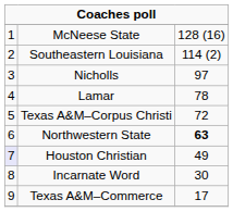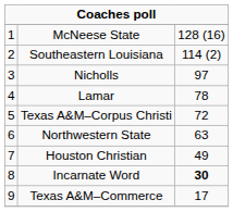 <table class="wikitable">
 <tr align="center">
 <td align="center" Colspan="3"><strong>Coaches poll</strong></td>
 </tr>
 <tr align="center">
 </tr>
 <tr align="center">
 <td>1</td>
 <td>McNeese State</td>
 <td>128 (16)</td>
 </tr>
 <tr align="center">
 <td>2</td>
 <td>Southeastern Louisiana</td>
 <td>114 (2)</td>
 </tr>
 <tr align="center">
 <td>3</td>
 <td>Nicholls</td>
 <td>97</td>
 </tr>
 <tr align="center">
 <td>4</td>
 <td>Lamar</td>
 <td>78</td>
 </tr>
 <tr align="center">
 <td>5</td>
 <td>Texas A&M–Corpus Christi</td>
 <td>72</td>
 </tr>
 <tr align="center">
 <td>6</td>
 <td>Northwestern State</td>
-<td><strong>63</strong></td>
+<td>63</td>
 </tr>
 <tr align="center">
-<td style="background: lavender;">7</td>
+<td>7</td>
 <td>Houston Christian</td>
 <td>49</td>
 </tr>
 <tr align="center">
 <td>8</td>
 <td>Incarnate Word</td>
-<td>30</td>
+<td><strong>30</strong></td>
 </tr>
 <tr align="center">
 <td>9</td>
 <td>Texas A&M–Commerce</td>
 <td>17</td>
 </tr>
 <tr align="center">
 </tr>
 </table>
